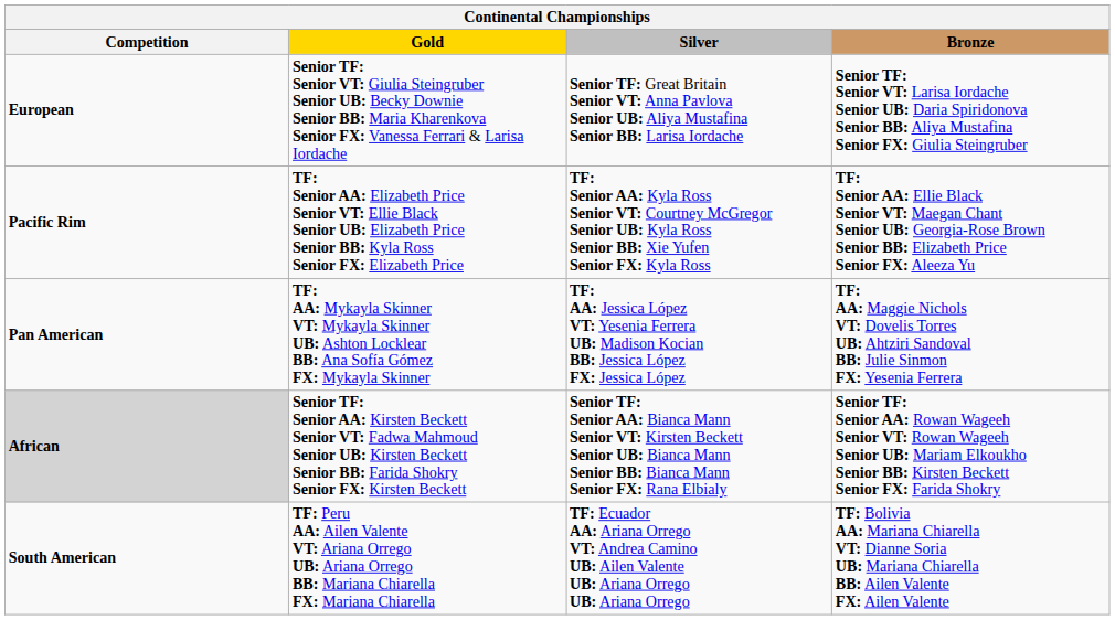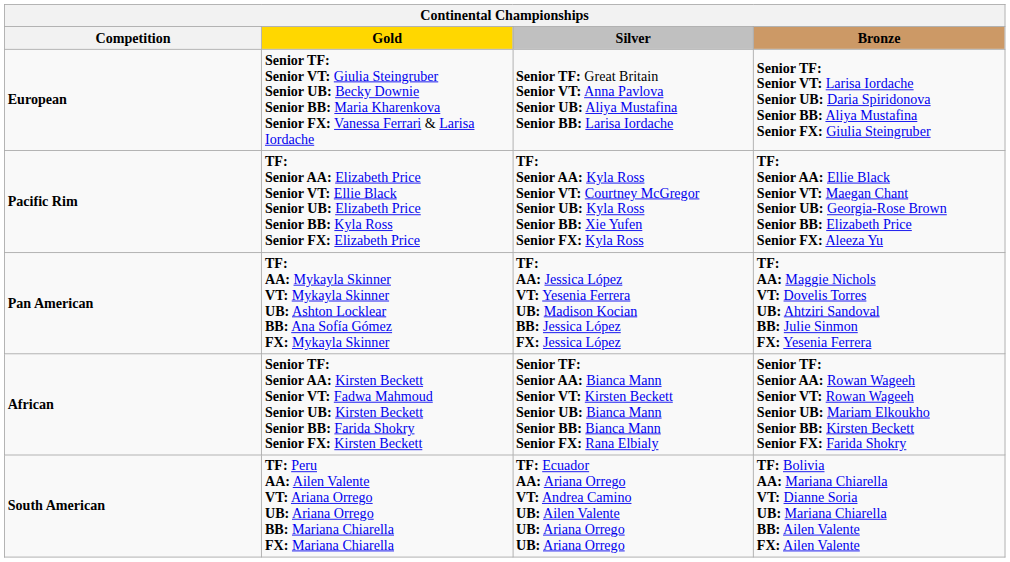 <table class="wikitable" style="width:90%;">
 <tr>
 <th colspan=4>Continental Championships</th>
 </tr>
 <tr>
 <th style="text-align:center; width:5%;">Competition</th>
 <td style="text-align:center; width:5%; background:gold;"><strong>Gold</strong></td>
 <td style="text-align:center; width:5%; background:silver;"><strong>Silver</strong></td>
 <td style="text-align:center; width:5%; background:#c96;"><strong>Bronze</strong></td>
 </tr>
 <tr>
 <td><strong>European</strong></td>
 <td><strong>Senior TF:</strong>  <br> <strong>Senior VT:</strong>  <a href='#'>Giulia Steingruber</a> <br> <strong>Senior UB:</strong>  <a href='#'>Becky Downie</a> <br> <strong>Senior BB:</strong>  <a href='#'>Maria Kharenkova</a> <br> <strong>Senior FX:</strong>  <a href='#'>Vanessa Ferrari</a> &  <a href='#'>Larisa Iordache</a></td>
 <td><strong>Senior TF:</strong>  Great Britain <br> <strong>Senior VT:</strong>  <a href='#'>Anna Pavlova</a> <br> <strong>Senior UB:</strong>  <a href='#'>Aliya Mustafina</a> <br> <strong>Senior BB:</strong>  <a href='#'>Larisa Iordache</a></td>
 <td><strong>Senior TF:</strong>  <br> <strong>Senior VT:</strong>  <a href='#'>Larisa Iordache</a> <br> <strong>Senior UB:</strong>  <a href='#'>Daria Spiridonova</a> <br> <strong>Senior BB:</strong>  <a href='#'>Aliya Mustafina</a> <br> <strong>Senior FX:</strong>  <a href='#'>Giulia Steingruber</a></td>
 </tr>
 <tr>
 <td><strong>Pacific Rim</strong></td>
 <td><strong>TF:</strong>  <br> <strong>Senior AA:</strong>  <a href='#'>Elizabeth Price</a> <br> <strong>Senior VT:</strong>  <a href='#'>Ellie Black</a> <br> <strong>Senior UB:</strong>  <a href='#'>Elizabeth Price</a> <br> <strong>Senior BB:</strong>  <a href='#'>Kyla Ross</a> <br> <strong>Senior FX:</strong>  <a href='#'>Elizabeth Price</a></td>
 <td><strong>TF:</strong>  <br> <strong>Senior AA:</strong>  <a href='#'>Kyla Ross</a> <br> <strong>Senior VT:</strong>  <a href='#'>Courtney McGregor</a> <br> <strong>Senior UB:</strong>  <a href='#'>Kyla Ross</a> <br> <strong>Senior BB:</strong>  <a href='#'>Xie Yufen</a> <br> <strong>Senior FX:</strong>  <a href='#'>Kyla Ross</a></td>
 <td><strong>TF:</strong>  <br> <strong>Senior AA:</strong>  <a href='#'>Ellie Black</a> <br> <strong>Senior VT:</strong>  <a href='#'>Maegan Chant</a> <br> <strong>Senior UB:</strong>  <a href='#'>Georgia-Rose Brown</a> <br> <strong>Senior BB:</strong>  <a href='#'>Elizabeth Price</a> <br> <strong>Senior FX:</strong>  <a href='#'>Aleeza Yu</a></td>
 </tr>
 <tr>
 <td><strong>Pan American</strong></td>
 <td><strong>TF:</strong>  <br> <strong>AA:</strong>  <a href='#'>Mykayla Skinner</a> <br> <strong>VT:</strong>  <a href='#'>Mykayla Skinner</a> <br> <strong>UB:</strong>  <a href='#'>Ashton Locklear</a> <br> <strong>BB:</strong>  <a href='#'>Ana Sofía Gómez</a> <br> <strong>FX:</strong>  <a href='#'>Mykayla Skinner</a></td>
 <td><strong>TF:</strong>  <br> <strong>AA:</strong>  <a href='#'>Jessica López</a> <br> <strong>VT:</strong>  <a href='#'>Yesenia Ferrera</a> <br> <strong>UB:</strong>  <a href='#'>Madison Kocian</a> <br> <strong>BB:</strong>  <a href='#'>Jessica López</a> <br> <strong>FX:</strong>  <a href='#'>Jessica López</a></td>
 <td><strong>TF:</strong>  <br> <strong>AA:</strong>  <a href='#'>Maggie Nichols</a> <br> <strong>VT:</strong>  <a href='#'>Dovelis Torres</a> <br> <strong>UB:</strong>  <a href='#'>Ahtziri Sandoval</a> <br> <strong>BB:</strong>  <a href='#'>Julie Sinmon</a> <br> <strong>FX:</strong>  <a href='#'>Yesenia Ferrera</a></td>
 </tr>
 <tr>
-<td style="background: lightgrey;"><strong>African</strong></td>
+<td><strong>African</strong></td>
 <td><strong>Senior TF:</strong>   <br> <strong>Senior AA:</strong>  <a href='#'>Kirsten Beckett</a> <br> <strong>Senior VT:</strong>  <a href='#'>Fadwa Mahmoud</a> <br> <strong>Senior UB:</strong>  <a href='#'>Kirsten Beckett</a> <br> <strong>Senior BB:</strong>  <a href='#'>Farida Shokry</a> <br> <strong>Senior FX:</strong>  <a href='#'>Kirsten Beckett</a></td>
 <td><strong>Senior TF:</strong>  <br> <strong>Senior AA:</strong>  <a href='#'>Bianca Mann</a> <br> <strong>Senior VT:</strong>  <a href='#'>Kirsten Beckett</a> <br> <strong>Senior UB:</strong>  <a href='#'>Bianca Mann</a> <br> <strong>Senior BB:</strong>  <a href='#'>Bianca Mann</a> <br> <strong>Senior FX:</strong>  <a href='#'>Rana Elbialy</a></td>
 <td><strong>Senior TF:</strong>   <br> <strong>Senior AA:</strong>  <a href='#'>Rowan Wageeh</a> <br> <strong>Senior VT:</strong>  <a href='#'>Rowan Wageeh</a> <br> <strong>Senior UB:</strong>  <a href='#'>Mariam Elkoukho</a> <br> <strong>Senior BB:</strong>  <a href='#'>Kirsten Beckett</a> <br> <strong>Senior FX:</strong>  <a href='#'>Farida Shokry</a></td>
 </tr>
 <tr>
 <td><strong>South American</strong></td>
 <td><strong>TF:</strong>  <a href='#'>Peru</a> <br> <strong>AA:</strong>  <a href='#'>Ailen Valente</a> <br> <strong>VT:</strong>  <a href='#'>Ariana Orrego</a> <br> <strong>UB:</strong>  <a href='#'>Ariana Orrego</a> <br> <strong>BB:</strong>  <a href='#'>Mariana Chiarella</a> <br> <strong>FX:</strong>  <a href='#'>Mariana Chiarella</a></td>
 <td><strong>TF:</strong>  <a href='#'>Ecuador</a> <br> <strong>AA:</strong>  <a href='#'>Ariana Orrego</a> <br> <strong>VT:</strong>  <a href='#'>Andrea Camino</a> <br> <strong>UB:</strong>  <a href='#'>Ailen Valente</a>  <br> <strong>UB:</strong>  <a href='#'>Ariana Orrego</a> <br> <strong>UB:</strong>  <a href='#'>Ariana Orrego</a></td>
 <td><strong>TF:</strong>  <a href='#'>Bolivia</a> <br> <strong>AA:</strong>  <a href='#'>Mariana Chiarella</a> <br> <strong>VT:</strong>  <a href='#'>Dianne Soria</a> <br> <strong>UB:</strong>  <a href='#'>Mariana Chiarella</a> <br> <strong>BB:</strong>  <a href='#'>Ailen Valente</a> <br> <strong>FX:</strong>  <a href='#'>Ailen Valente</a></td>
 </tr>
 </table>
